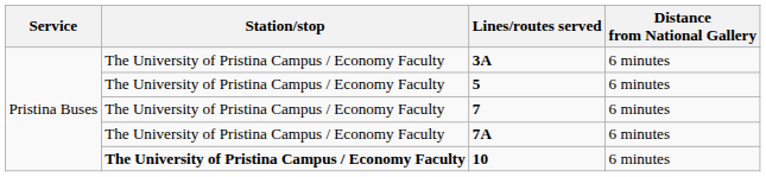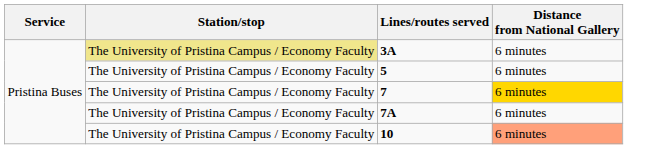 <table class="wikitable">
 <tr>
 <th>Service</th>
 <th>Station/stop</th>
 <th>Lines/routes served</th>
 <th>Distance<br>from National Gallery</th>
 </tr>
 <tr>
 <td rowspan="5">Pristina Buses </td>
-<td>The University of Pristina Campus / Economy Faculty </td>
+<td style="background: khaki;">The University of Pristina Campus / Economy Faculty </td>
 <td><strong><span>3A</span></strong></td>
 <td>6 minutes </td>
 </tr>
 <tr>
 <td>The University of Pristina Campus / Economy Faculty </td>
 <td><strong><span>5</span></strong></td>
 <td>6 minutes </td>
 </tr>
 <tr>
 <td>The University of Pristina Campus / Economy Faculty </td>
 <td><strong><span>7</span></strong></td>
-<td>6 minutes </td>
+<td style="background: gold;">6 minutes </td>
 </tr>
 <tr>
 <td>The University of Pristina Campus / Economy Faculty </td>
 <td><strong><span>7A</span></strong></td>
 <td>6 minutes </td>
 </tr>
 <tr>
-<td><strong>The University of Pristina Campus / Economy Faculty </strong></td>
+<td>The University of Pristina Campus / Economy Faculty </td>
 <td><strong><span>10</span></strong></td>
-<td>6 minutes </td>
+<td style="background: lightsalmon;">6 minutes </td>
 </tr>
 </table>
